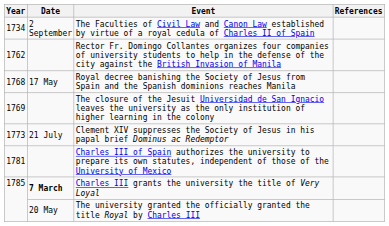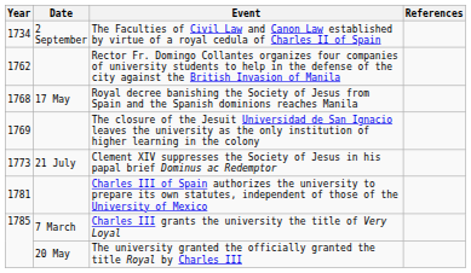 <table class="wikitable" width="100%">
 <tr>
 <th style="width:6%">Year</th>
 <th style="width:10%">Date</th>
 <th>Event</th>
 <th>References</th>
 </tr>
 <tr>
 <td>1734</td>
 <td>2 September</td>
 <td>The Faculties of <a href='#'>Civil Law</a> and <a href='#'>Canon Law</a> established by virtue of a royal cedula of <a href='#'>Charles II of Spain</a></td>
 <td></td>
 </tr>
 <tr>
 <td>1762</td>
 <td></td>
 <td>Rector Fr. Domingo Collantes organizes four companies of university students to help in the defense of the city against the <a href='#'>British Invasion of Manila</a></td>
 <td></td>
 </tr>
 <tr>
 <td>1768</td>
 <td>17 May</td>
 <td>Royal decree banishing the Society of Jesus from Spain and the Spanish dominions reaches Manila</td>
 <td></td>
 </tr>
 <tr>
 <td>1769</td>
 <td></td>
 <td>The closure of the Jesuit <a href='#'>Universidad de San Ignacio</a> leaves the university as the only institution of higher learning in the colony</td>
 <td></td>
 </tr>
 <tr>
 <td>1773</td>
 <td>21 July</td>
 <td>Clement XIV suppresses the Society of Jesus in his papal brief <em>Dominus ac Redemptor</em></td>
 <td></td>
 </tr>
 <tr>
 <td>1781</td>
 <td></td>
 <td><a href='#'>Charles III of Spain</a> authorizes the university to prepare its own statutes, independent of those of the <a href='#'>University of Mexico</a></td>
 <td></td>
 </tr>
 <tr>
 <td rowspan="2" valign="top">1785</td>
-<td><strong>7 March</strong></td>
+<td>7 March</td>
 <td><a href='#'>Charles III</a> grants the university the title of <em>Very Loyal</em></td>
 <td></td>
 </tr>
 <tr>
 <td>20 May</td>
 <td>The university granted the officially granted the title <em>Royal</em> by <a href='#'>Charles III</a></td>
 <td></td>
 </tr>
 </table>
